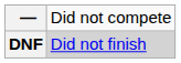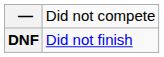 <table class="wikitable">
 <tr>
 <th scope="row"> —</th>
 <td>Did not compete</td>
 </tr>
 <tr>
 <th scope="row">DNF</th>
-<td style="background: lightgrey;"><a href='#'>Did not finish</a></td>
+<td><a href='#'>Did not finish</a></td>
 </tr>
 </table>
